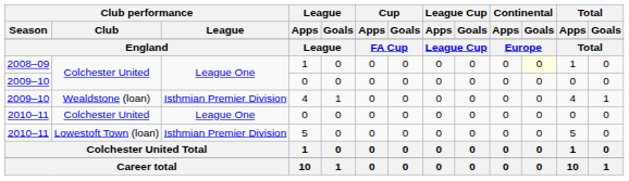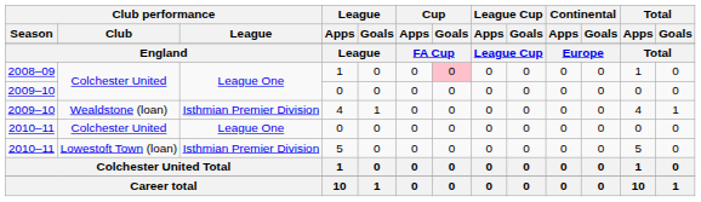 <table class="wikitable" style="text-align:center">
 <tr>
 <th colspan=3>Club performance</th>
 <th colspan=2>League</th>
 <th colspan=2>Cup</th>
 <th colspan=2>League Cup</th>
 <th colspan=2>Continental</th>
 <th colspan=2>Total</th>
 </tr>
 <tr>
 <th>Season</th>
 <th>Club</th>
 <th>League</th>
 <th>Apps</th>
 <th>Goals</th>
 <th>Apps</th>
 <th>Goals</th>
 <th>Apps</th>
 <th>Goals</th>
 <th>Apps</th>
 <th>Goals</th>
 <th>Apps</th>
 <th>Goals</th>
 </tr>
 <tr>
 </tr>
 <tr>
 <th colspan=3>England</th>
 <th colspan=2>League</th>
 <th colspan=2><a href='#'>FA Cup</a></th>
 <th colspan=2><a href='#'>League Cup</a></th>
 <th colspan=2><a href='#'>Europe</a></th>
 <th colspan=2>Total</th>
 </tr>
 <tr>
 <td><a href='#'>2008–09</a></td>
 <td rowspan=2><a href='#'>Colchester United</a></td>
 <td rowspan=2><a href='#'>League One</a></td>
 <td>1</td>
 <td>0</td>
 <td>0</td>
+<td style="background: pink;">0</td>
 <td>0</td>
 <td>0</td>
 <td>0</td>
 <td>0</td>
-<td style="background: lightyellow;">0</td>
 <td>1</td>
 <td>0</td>
 </tr>
 <tr>
 <td><a href='#'>2009–10</a></td>
 <td>0</td>
 <td>0</td>
 <td>0</td>
 <td>0</td>
 <td>0</td>
 <td>0</td>
 <td>0</td>
 <td>0</td>
 <td>0</td>
 <td>0</td>
 </tr>
 <tr>
 <td><a href='#'>2009–10</a></td>
 <td><a href='#'>Wealdstone</a> (loan)</td>
 <td><a href='#'>Isthmian Premier Division</a></td>
 <td>4</td>
 <td>1</td>
 <td>0</td>
 <td>0</td>
 <td>0</td>
 <td>0</td>
 <td>0</td>
 <td>0</td>
 <td>4</td>
 <td>1</td>
 </tr>
 <tr>
 <td><a href='#'>2010–11</a></td>
 <td><a href='#'>Colchester United</a></td>
 <td><a href='#'>League One</a></td>
 <td>0</td>
 <td>0</td>
 <td>0</td>
 <td>0</td>
 <td>0</td>
 <td>0</td>
 <td>0</td>
 <td>0</td>
 <td>0</td>
 <td>0</td>
 </tr>
 <tr>
 <td><a href='#'>2010–11</a></td>
 <td><a href='#'>Lowestoft Town</a> (loan)</td>
 <td><a href='#'>Isthmian Premier Division</a></td>
 <td>5</td>
 <td>0</td>
 <td>0</td>
 <td>0</td>
 <td>0</td>
 <td>0</td>
 <td>0</td>
 <td>0</td>
 <td>5</td>
 <td>0</td>
 </tr>
 <tr>
 <th colspan="3">Colchester United Total</th>
 <th>1</th>
 <th>0</th>
 <th>0</th>
 <th>0</th>
 <th>0</th>
 <th>0</th>
 <th>0</th>
 <th>0</th>
 <th>1</th>
 <th>0</th>
 </tr>
 <tr>
 </tr>
 <tr>
 <th colspan=3>Career total</th>
 <th><strong>10</strong></th>
 <th><strong>1</strong></th>
 <th><strong>0</strong></th>
 <th><strong>0</strong></th>
 <th><strong>0</strong></th>
 <th><strong>0</strong></th>
 <th><strong>0</strong></th>
 <th><strong>0</strong></th>
 <th><strong>10</strong></th>
 <th><strong>1</strong></th>
 </tr>
 </table>
